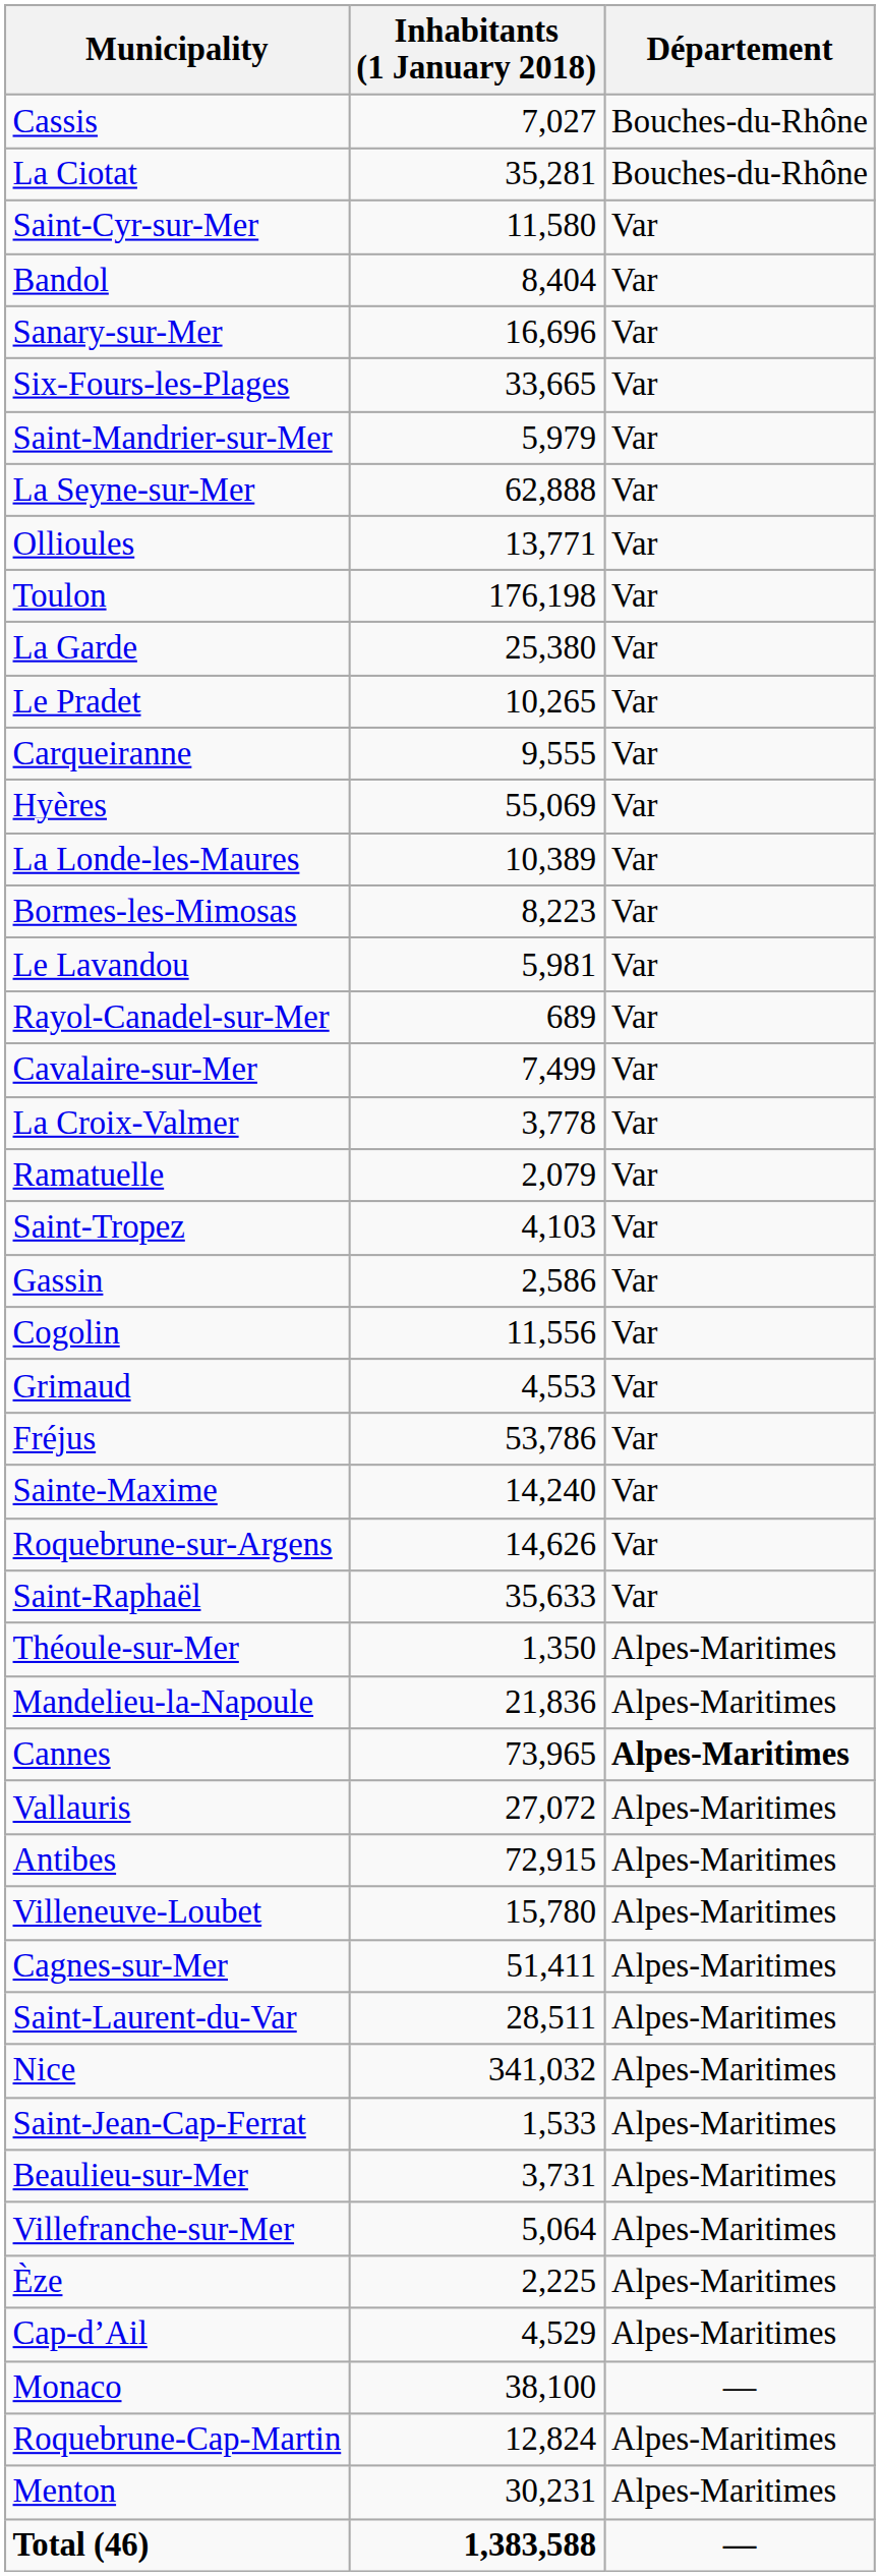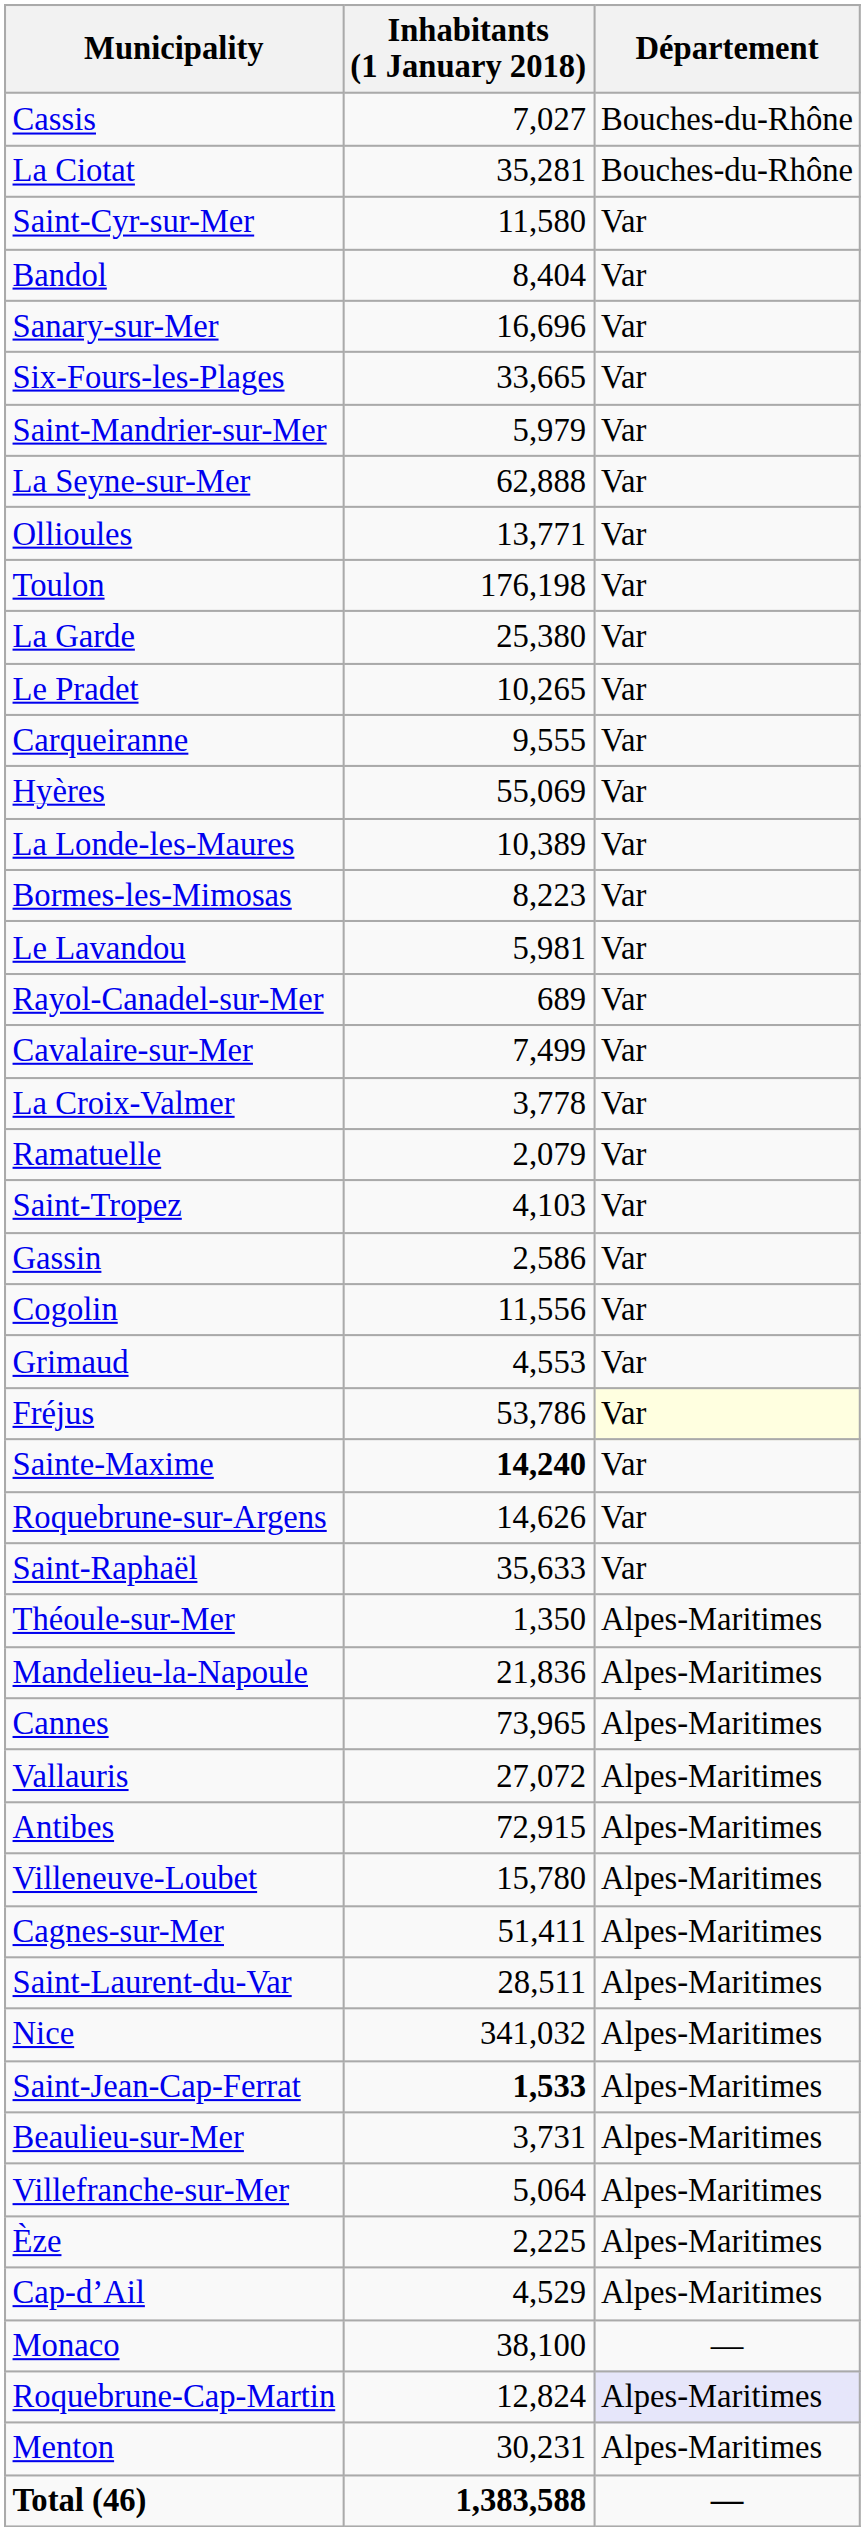 <table class="wikitable sortable alternance">
 <tr>
 <th>Municipality</th>
 <th>Inhabitants<br>(1 January 2018)</th>
 <th>Département</th>
 </tr>
 <tr>
 <td><a href='#'>Cassis</a></td>
 <td style="text-align:right">7,027</td>
 <td>Bouches-du-Rhône</td>
 </tr>
 <tr>
 <td><a href='#'>La Ciotat</a></td>
 <td style="text-align:right">35,281</td>
 <td>Bouches-du-Rhône</td>
 </tr>
 <tr>
 <td><a href='#'>Saint-Cyr-sur-Mer</a></td>
 <td style="text-align:right">11,580</td>
 <td>Var</td>
 </tr>
 <tr>
 <td><a href='#'>Bandol</a></td>
 <td style="text-align:right">8,404</td>
 <td>Var</td>
 </tr>
 <tr>
 <td><a href='#'>Sanary-sur-Mer</a></td>
 <td style="text-align:right">16,696</td>
 <td>Var</td>
 </tr>
 <tr>
 <td><a href='#'>Six-Fours-les-Plages</a></td>
 <td style="text-align:right">33,665</td>
 <td>Var</td>
 </tr>
 <tr>
 <td><a href='#'>Saint-Mandrier-sur-Mer</a></td>
 <td style="text-align:right">5,979</td>
 <td>Var</td>
 </tr>
 <tr>
 <td><a href='#'>La Seyne-sur-Mer</a></td>
 <td style="text-align:right">62,888</td>
 <td>Var</td>
 </tr>
 <tr>
 <td><a href='#'>Ollioules</a></td>
 <td style="text-align:right">13,771</td>
 <td>Var</td>
 </tr>
 <tr>
 <td><a href='#'>Toulon</a></td>
 <td style="text-align:right">176,198</td>
 <td>Var</td>
 </tr>
 <tr>
 <td><a href='#'>La Garde</a></td>
 <td style="text-align:right">25,380</td>
 <td>Var</td>
 </tr>
 <tr>
 <td><a href='#'>Le Pradet</a></td>
 <td style="text-align:right">10,265</td>
 <td>Var</td>
 </tr>
 <tr>
 <td><a href='#'>Carqueiranne</a></td>
 <td style="text-align:right">9,555</td>
 <td>Var</td>
 </tr>
 <tr>
 <td><a href='#'>Hyères</a></td>
 <td style="text-align:right">55,069</td>
 <td>Var</td>
 </tr>
 <tr>
 <td><a href='#'>La Londe-les-Maures</a></td>
 <td style="text-align:right">10,389</td>
 <td>Var</td>
 </tr>
 <tr>
 <td><a href='#'>Bormes-les-Mimosas</a></td>
 <td style="text-align:right">8,223</td>
 <td>Var</td>
 </tr>
 <tr>
 <td><a href='#'>Le Lavandou</a></td>
 <td style="text-align:right">5,981</td>
 <td>Var</td>
 </tr>
 <tr>
 <td><a href='#'>Rayol-Canadel-sur-Mer</a></td>
 <td style="text-align:right">689</td>
 <td>Var</td>
 </tr>
 <tr>
 <td><a href='#'>Cavalaire-sur-Mer</a></td>
 <td style="text-align:right">7,499</td>
 <td>Var</td>
 </tr>
 <tr>
 <td><a href='#'>La Croix-Valmer</a></td>
 <td style="text-align:right">3,778</td>
 <td>Var</td>
 </tr>
 <tr>
 <td><a href='#'>Ramatuelle</a></td>
 <td style="text-align:right">2,079</td>
 <td>Var</td>
 </tr>
 <tr>
 <td><a href='#'>Saint-Tropez</a></td>
 <td style="text-align:right">4,103</td>
 <td>Var</td>
 </tr>
 <tr>
 <td><a href='#'>Gassin</a></td>
 <td style="text-align:right">2,586</td>
 <td>Var</td>
 </tr>
 <tr>
 <td><a href='#'>Cogolin</a></td>
 <td style="text-align:right">11,556</td>
 <td>Var</td>
 </tr>
 <tr>
 <td><a href='#'>Grimaud</a></td>
 <td style="text-align:right">4,553</td>
 <td>Var</td>
 </tr>
 <tr>
 <td><a href='#'>Fréjus</a></td>
 <td style="text-align:right">53,786</td>
-<td>Var</td>
+<td style="background: lightyellow;">Var</td>
 </tr>
 <tr>
 <td><a href='#'>Sainte-Maxime</a></td>
-<td style="text-align:right">14,240</td>
+<td style="text-align:right"><strong>14,240</strong></td>
 <td>Var</td>
 </tr>
 <tr>
 <td><a href='#'>Roquebrune-sur-Argens</a></td>
 <td style="text-align:right">14,626</td>
 <td>Var</td>
 </tr>
 <tr>
 <td><a href='#'>Saint-Raphaël</a></td>
 <td style="text-align:right">35,633</td>
 <td>Var</td>
 </tr>
 <tr>
 <td><a href='#'>Théoule-sur-Mer</a></td>
 <td style="text-align:right">1,350</td>
 <td>Alpes-Maritimes</td>
 </tr>
 <tr>
 <td><a href='#'>Mandelieu-la-Napoule</a></td>
 <td style="text-align:right">21,836</td>
 <td>Alpes-Maritimes</td>
 </tr>
 <tr>
 <td><a href='#'>Cannes</a></td>
 <td style="text-align:right">73,965</td>
-<td><strong>Alpes-Maritimes</strong></td>
+<td>Alpes-Maritimes</td>
 </tr>
 <tr>
 <td><a href='#'>Vallauris</a></td>
 <td style="text-align:right">27,072</td>
 <td>Alpes-Maritimes</td>
 </tr>
 <tr>
 <td><a href='#'>Antibes</a></td>
 <td style="text-align:right">72,915</td>
 <td>Alpes-Maritimes</td>
 </tr>
 <tr>
 <td><a href='#'>Villeneuve-Loubet</a></td>
 <td style="text-align:right">15,780</td>
 <td>Alpes-Maritimes</td>
 </tr>
 <tr>
 <td><a href='#'>Cagnes-sur-Mer</a></td>
 <td style="text-align:right">51,411</td>
 <td>Alpes-Maritimes</td>
 </tr>
 <tr>
 <td><a href='#'>Saint-Laurent-du-Var</a></td>
 <td style="text-align:right">28,511</td>
 <td>Alpes-Maritimes</td>
 </tr>
 <tr>
 <td><a href='#'>Nice</a></td>
 <td style="text-align:right">341,032</td>
 <td>Alpes-Maritimes</td>
 </tr>
 <tr>
 <td><a href='#'>Saint-Jean-Cap-Ferrat</a></td>
-<td style="text-align:right">1,533</td>
+<td style="text-align:right"><strong>1,533</strong></td>
 <td>Alpes-Maritimes</td>
 </tr>
 <tr>
 <td><a href='#'>Beaulieu-sur-Mer</a></td>
 <td style="text-align:right">3,731</td>
 <td>Alpes-Maritimes</td>
 </tr>
 <tr>
 <td><a href='#'>Villefranche-sur-Mer</a></td>
 <td style="text-align:right">5,064</td>
 <td>Alpes-Maritimes</td>
 </tr>
 <tr>
 <td><a href='#'>Èze</a></td>
 <td style="text-align:right">2,225</td>
 <td>Alpes-Maritimes</td>
 </tr>
 <tr>
 <td><a href='#'>Cap-d’Ail</a></td>
 <td style="text-align:right">4,529</td>
 <td>Alpes-Maritimes</td>
 </tr>
 <tr>
 <td><a href='#'>Monaco</a></td>
 <td style="text-align:right">38,100</td>
 <td style="text-align:center">—</td>
 </tr>
 <tr>
 <td><a href='#'>Roquebrune-Cap-Martin</a></td>
 <td style="text-align:right">12,824</td>
-<td>Alpes-Maritimes</td>
+<td style="background: lavender;">Alpes-Maritimes</td>
 </tr>
 <tr>
 <td><a href='#'>Menton</a></td>
 <td style="text-align:right">30,231</td>
 <td>Alpes-Maritimes</td>
 </tr>
 <tr class="sortbottom">
 <td><strong>Total (46)</strong></td>
 <td style="text-align:right"><strong>1,383,588</strong></td>
 <td style="text-align:center"><strong>—</strong></td>
 </tr>
 </table>
